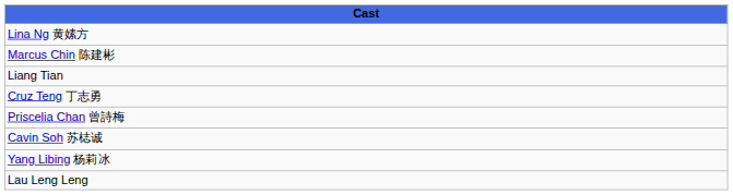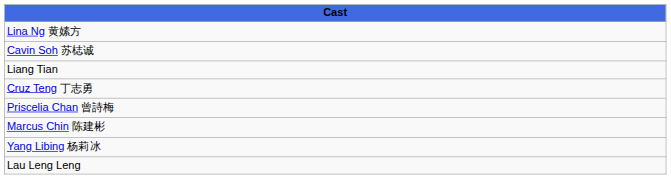 <table class="wikitable">
 <tr>
 <th style="background:RoyalBlue; width:17%">Cast</th>
 </tr>
 <tr>
 <td><a href='#'>Lina Ng</a> 黄嫊方</td>
 </tr>
 <tr>
-<td><a href='#'>Marcus Chin</a> 陈建彬</td>
+<td><a href='#'>Cavin Soh</a> 苏梽诚</td>
 </tr>
 <tr>
 <td>Liang Tian</td>
 </tr>
 <tr>
 <td><a href='#'>Cruz Teng</a> 丁志勇</td>
 </tr>
 <tr>
 <td><a href='#'>Priscelia Chan</a> 曾詩梅</td>
 </tr>
 <tr>
-<td><a href='#'>Cavin Soh</a> 苏梽诚</td>
+<td><a href='#'>Marcus Chin</a> 陈建彬</td>
 </tr>
 <tr>
 <td><a href='#'>Yang Libing</a> 杨莉冰</td>
 </tr>
 <tr>
 <td>Lau Leng Leng</td>
 </tr>
 </table>
